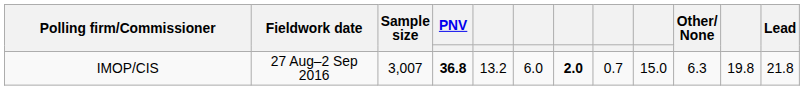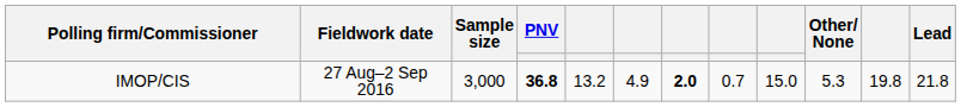 <table class="wikitable collapsible collapsed" style="text-align:center; font-size:90%; line-height:14px;">
 <tr style="height:42px;">
 <th style="width:250px;" rowspan="2">Polling firm/Commissioner</th>
 <th style="width:125px;" rowspan="2">Fieldwork date</th>
 <th style="width:50px;" rowspan="2">Sample size</th>
 <th style="width:35px;"><a href='#'>PNV</a></th>
 <th style="width:35px;"></th>
 <th style="width:35px;"></th>
 <th style="width:35px;"></th>
 <th style="width:35px;"></th>
 <th style="width:35px;"></th>
 <th style="width:35px;" rowspan="2">Other/<br>None</th>
 <th style="width:35px;" rowspan="2"></th>
 <th style="width:30px;" rowspan="2">Lead</th>
 </tr>
 <tr>
 <th style="color:inherit;background:"></th>
 <th style="color:inherit;background:"></th>
 <th style="color:inherit;background:"></th>
 <th style="color:inherit;background:"></th>
 <th style="color:inherit;background:"></th>
 <th style="color:inherit;background:"></th>
 </tr>
 <tr>
 <td>IMOP/CIS</td>
 <td>27 Aug–2 Sep 2016</td>
-<td>3,007</td>
+<td>3,000</td>
 <td><strong>36.8</strong></td>
 <td>13.2</td>
-<td>6.0</td>
+<td>4.9</td>
 <td><strong>2.0</strong></td>
 <td>0.7</td>
 <td>15.0</td>
-<td>6.3</td>
+<td>5.3</td>
 <td>19.8</td>
 <td style="background:">21.8</td>
 </tr>
 </table>
